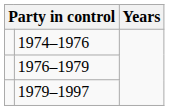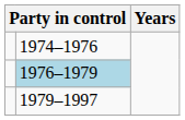 <table class="wikitable">
 <tr>
 <th colspan="2">Party in control</th>
 <th>Years</th>
 </tr>
 <tr>
 <td></td>
 <td>1974–1976</td>
 </tr>
 <tr>
 <td></td>
-<td>1976–1979</td>
+<td style="background: lightblue;">1976–1979</td>
 </tr>
 <tr>
 <td></td>
 <td>1979–1997</td>
 </tr>
 </table>
